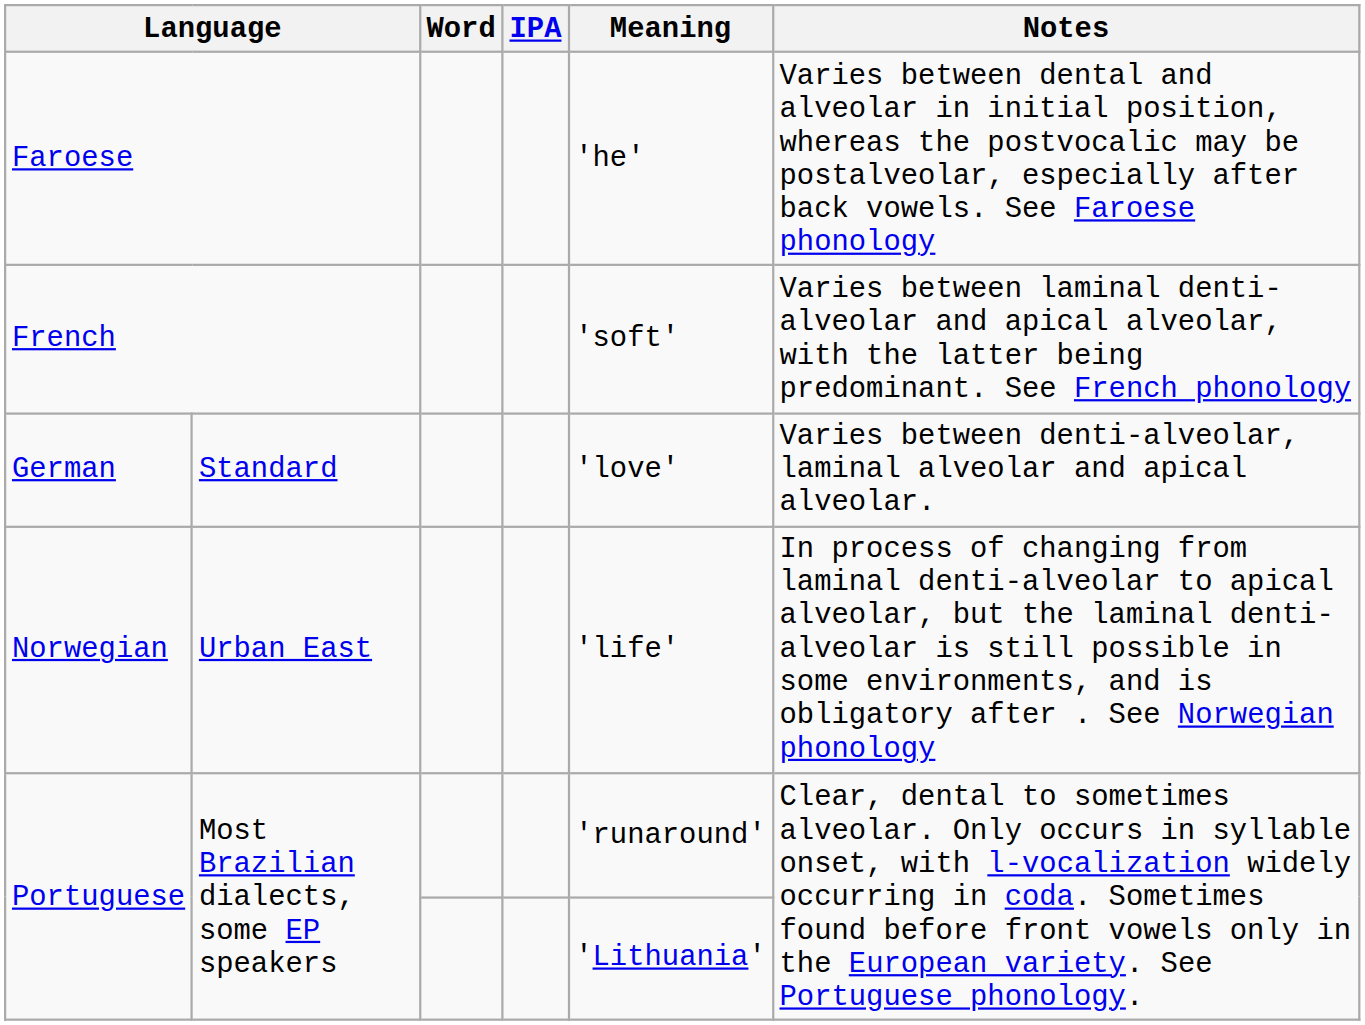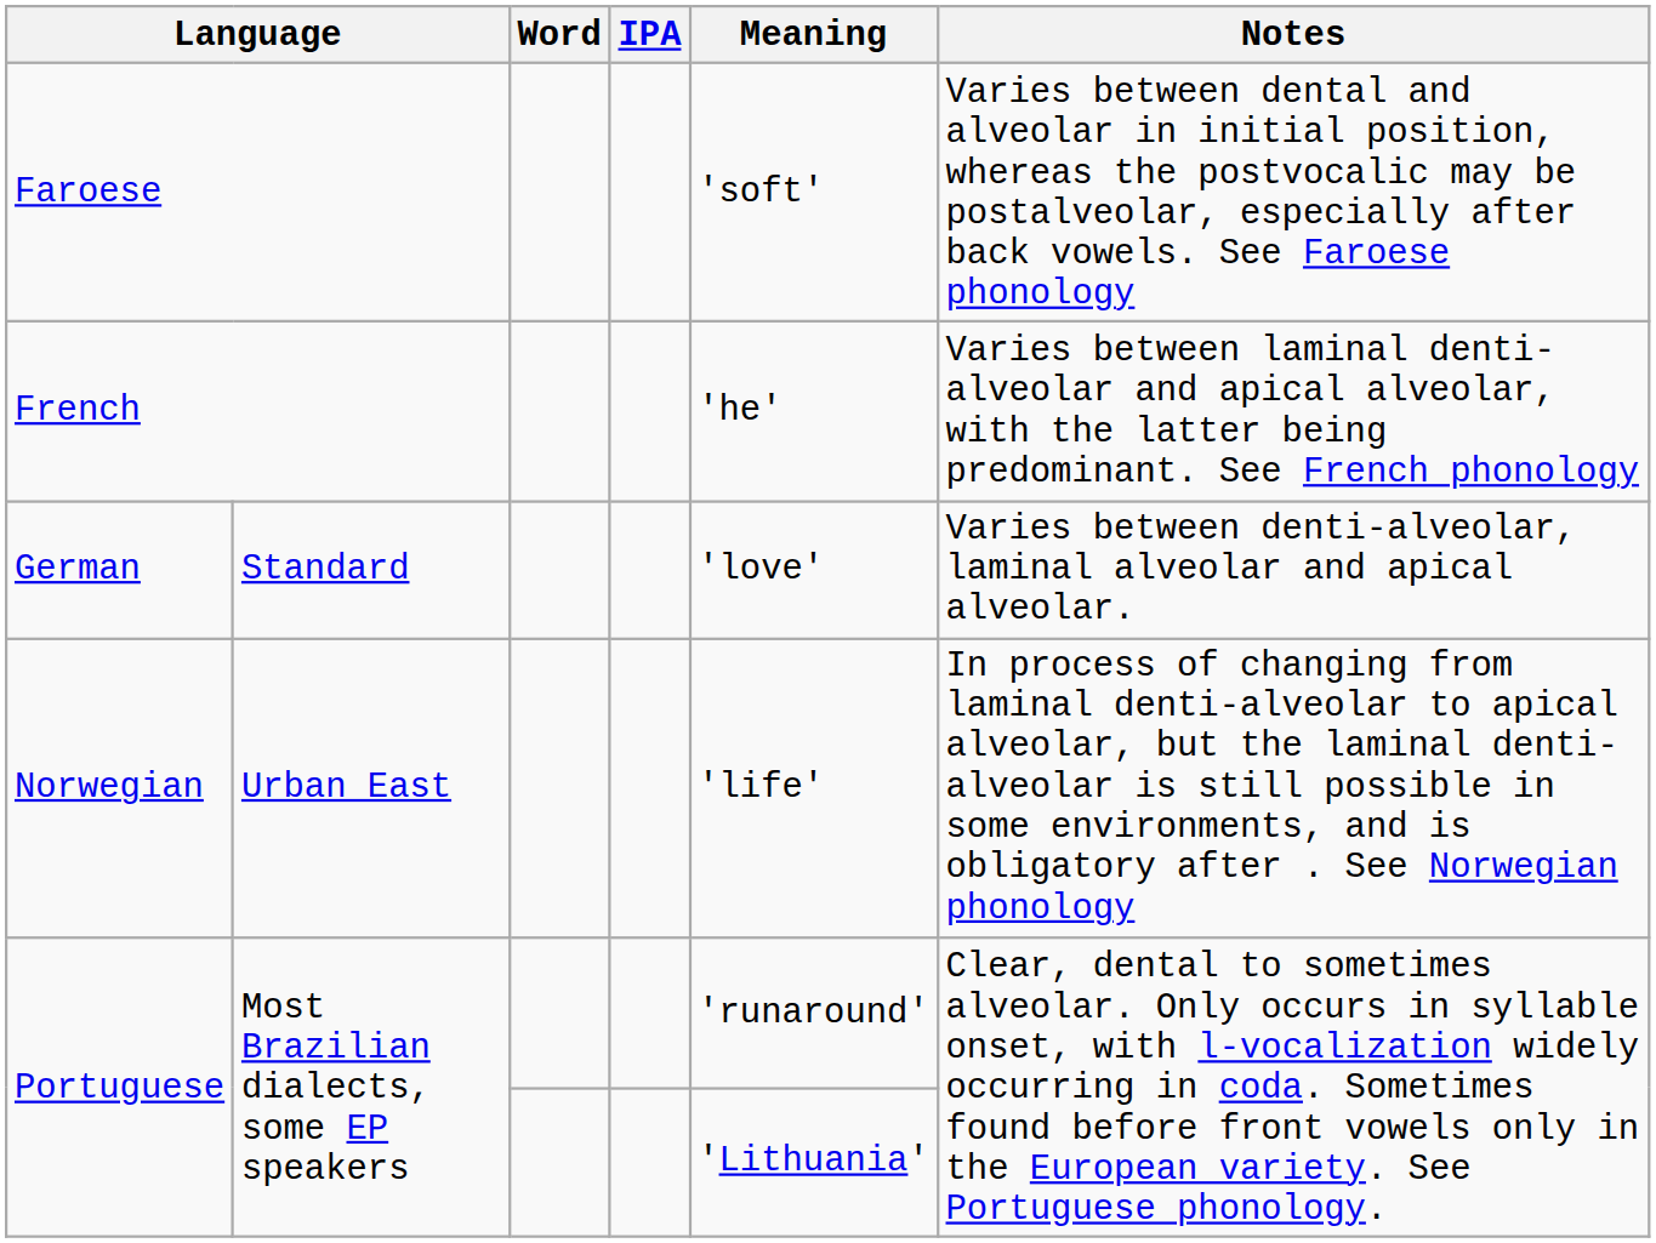 <table class="wikitable">
 <tr>
 <th colspan=2>Language</th>
 <th>Word</th>
 <th><a href='#'>IPA</a></th>
 <th>Meaning</th>
 <th>Notes</th>
 </tr>
 <tr>
 <td colspan=2><a href='#'>Faroese</a></td>
 <td></td>
 <td align=center></td>
-<td>'he'</td>
+<td>'soft'</td>
 <td>Varies between dental and alveolar in initial position, whereas the postvocalic  may be postalveolar, especially after back vowels. See <a href='#'>Faroese phonology</a></td>
 </tr>
 <tr>
 <td colspan=2><a href='#'>French</a></td>
 <td></td>
 <td align=center></td>
-<td>'soft'</td>
+<td>'he'</td>
 <td>Varies between laminal denti-alveolar and apical alveolar, with the latter being predominant. See <a href='#'>French phonology</a></td>
 </tr>
 <tr>
 <td><a href='#'>German</a></td>
 <td><a href='#'>Standard</a></td>
 <td></td>
 <td align=center></td>
 <td>'love'</td>
 <td>Varies between denti-alveolar, laminal alveolar and apical alveolar.</td>
 </tr>
 <tr>
 <td><a href='#'>Norwegian</a></td>
 <td><a href='#'>Urban East</a></td>
 <td></td>
 <td align=center></td>
 <td>'life'</td>
 <td>In process of changing from laminal denti-alveolar to apical alveolar, but the laminal denti-alveolar is still possible in some environments, and is obligatory after . See <a href='#'>Norwegian phonology</a></td>
 </tr>
 <tr>
 <td rowspan=2><a href='#'>Portuguese</a></td>
 <td rowspan=2>Most <a href='#'>Brazilian</a> dialects, some <a href='#'>EP</a> speakers</td>
 <td></td>
 <td align=center></td>
 <td>'runaround'</td>
 <td rowspan=2 colspan=2>Clear, dental to sometimes alveolar. Only occurs in syllable onset, with <a href='#'>l-vocalization</a> widely occurring in <a href='#'>coda</a>. Sometimes found before front vowels only in the <a href='#'>European variety</a>. See <a href='#'>Portuguese phonology</a>.</td>
 </tr>
 <tr>
 <td></td>
 <td align=center></td>
 <td>'<a href='#'>Lithuania</a>'</td>
 </tr>
 </table>
